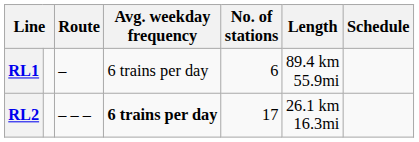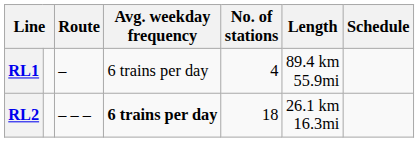 <table class="sortable wikitable">
 <tr>
 <th colspan="2">Line</th>
 <th class="unsortable">Route</th>
 <th>Avg. weekday<br> frequency</th>
 <th data-sort-type="number">No. of<br>stations</th>
 <th>Length</th>
 <th class="unsortable">Schedule</th>
 </tr>
 <tr>
 <th><a href='#'>RL1</a></th>
 <td width=4px style="background-color:#"></td>
 <td> – </td>
 <td>6 trains per day</td>
-<td style="text-align:right;">6</td>
+<td style="text-align:right;">4</td>
 <td style="text-align:right;">89.4 km<br>55.9mi</td>
 <td style="text-align:center;"></td>
 </tr>
 <tr>
 <th><a href='#'>RL2</a></th>
 <td width=4px style="background-color:#"></td>
 <td> –  –  – </td>
 <td><strong>6 trains per day</strong></td>
-<td style="text-align:right;">17</td>
+<td style="text-align:right;">18</td>
 <td style="text-align:right;">26.1 km<br>16.3mi</td>
 <td style="text-align:center;"></td>
 </tr>
 </table>
